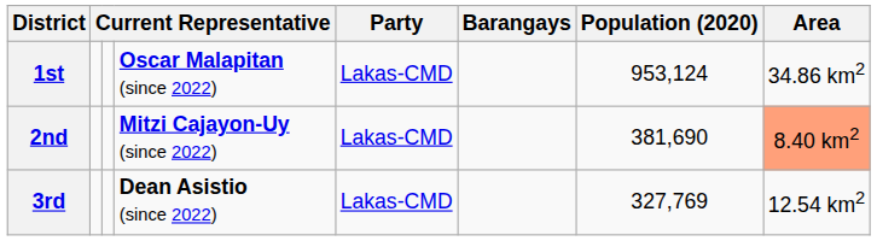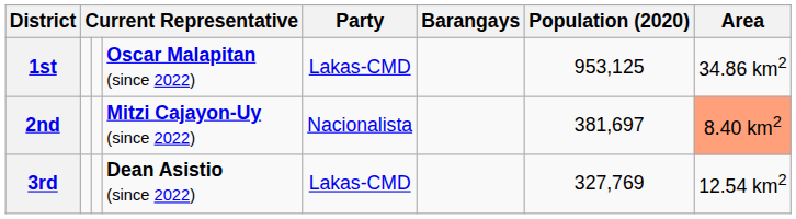 <table class="wikitable sortable" style="margin: 1em auto; font-size:100%; line-height:20px; text-align:center">
 <tr>
 <th>District</th>
 <th colspan="3">Current Representative</th>
 <th>Party</th>
 <th>Barangays</th>
 <th>Population (2020)</th>
 <th>Area</th>
 </tr>
 <tr>
 <th><a href='#'>1st</a></th>
 <td style="background:"></td>
 <td></td>
 <td style="text-align:left;"><strong><a href='#'>Oscar Malapitan</a></strong><br><small>(since <a href='#'>2022</a>)</small></td>
 <td><a href='#'>Lakas-CMD</a></td>
 <td></td>
-<td>953,124</td>
+<td>953,125</td>
 <td>34.86 km<sup>2</sup></td>
 </tr>
 <tr>
 <th><a href='#'>2nd</a></th>
 <td style="background:"></td>
 <td></td>
 <td style="text-align:left;"><strong><a href='#'>Mitzi Cajayon-Uy</a></strong><br><small>(since <a href='#'>2022</a>)</small></td>
-<td><a href='#'>Lakas-CMD</a></td>
+<td><a href='#'>Nacionalista</a></td>
 <td></td>
-<td>381,690</td>
+<td>381,697</td>
 <td style="background: lightsalmon;">8.40 km<sup>2</sup></td>
 </tr>
 <tr>
 <th><a href='#'>3rd</a></th>
 <td style="background:"></td>
 <td></td>
 <td style="text-align:left;"><strong>Dean Asistio</strong><br><small>(since <a href='#'>2022</a>)</small></td>
 <td><a href='#'>Lakas-CMD</a></td>
 <td></td>
 <td>327,769</td>
 <td>12.54 km<sup>2</sup></td>
 </tr>
 </table>
